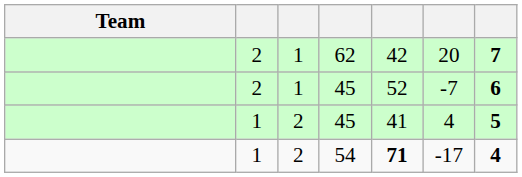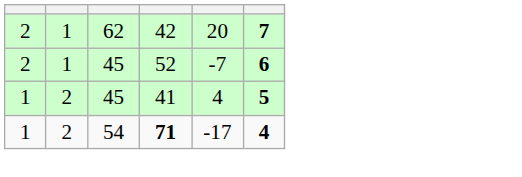 <table class="wikitable" style="text-align:center;">
 <tr>
-<th style="width:10.5em;">Team</th>
 <th style="width:1.5em;"></th>
 <th style="width:1.5em;"></th>
 <th style="width:2.0em;"></th>
 <th style="width:2.0em;"></th>
 <th style="width:2.0em;"></th>
 <th style="width:1.5em;"></th>
 </tr>
 <tr bgcolor=#cfc>
-<td align="left"></td>
 <td>2</td>
 <td>1</td>
 <td>62</td>
 <td>42</td>
 <td>20</td>
 <td><strong>7</strong></td>
 </tr>
 <tr bgcolor="#cfc">
-<td align="left"></td>
 <td>2</td>
 <td>1</td>
 <td>45</td>
 <td>52</td>
 <td>-7</td>
 <td><strong>6</strong></td>
 </tr>
 <tr bgcolor=#cfc>
-<td align="left"></td>
 <td>1</td>
 <td>2</td>
 <td>45</td>
 <td>41</td>
 <td>4</td>
 <td><strong>5</strong></td>
 </tr>
 <tr>
-<td align="left"></td>
 <td>1</td>
 <td>2</td>
 <td>54</td>
 <td><strong>71</strong></td>
 <td>-17</td>
 <td><strong>4</strong></td>
 </tr>
 </table>
